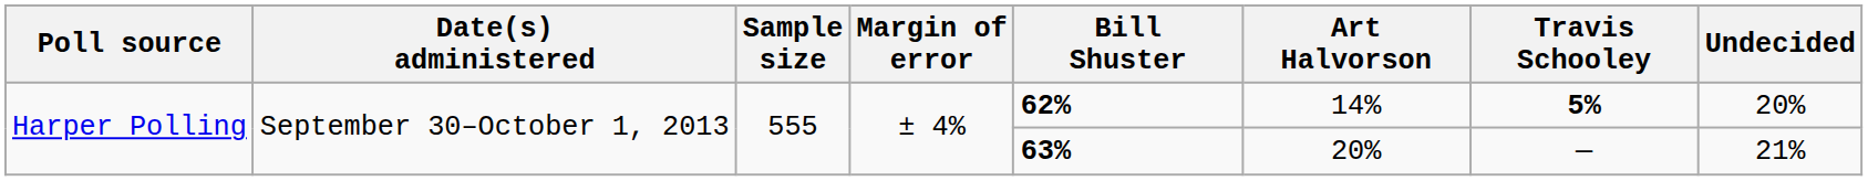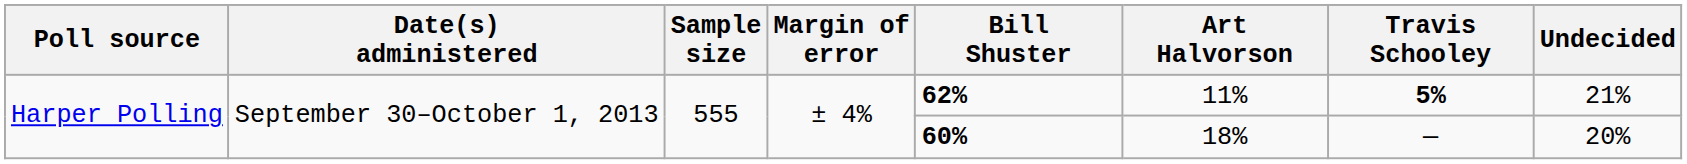 <table class="wikitable">
 <tr>
 <th>Poll source</th>
 <th>Date(s)<br>administered</th>
 <th>Sample<br>size</th>
 <th>Margin of<br>error</th>
 <th style="width:100px;">Bill<br>Shuster</th>
 <th style="width:100px;">Art<br>Halvorson</th>
 <th style="width:100px;">Travis<br>Schooley</th>
 <th>Undecided</th>
 </tr>
 <tr>
 <td rowspan=2><a href='#'>Harper Polling</a></td>
 <td align=center rowspan=2>September 30–October 1, 2013</td>
 <td align=center rowspan=2>555</td>
 <td align=center rowspan=2>± 4%</td>
 <td><strong>62%</strong></td>
-<td align=center>14%</td>
+<td align=center>11%</td>
 <td align=center><strong>5%</strong></td>
+<td align=center>21%</td>
+</tr>
+<tr>
+<td><strong>60%</strong></td>
+<td align=center>18%</td>
+<td align=center>—</td>
 <td align=center>20%</td>
 </tr>
-<tr>
-<td><strong>63%</strong></td>
-<td align=center>20%</td>
-<td align=center>—</td>
-<td align=center>21%</td>
-</tr>
 </table>
